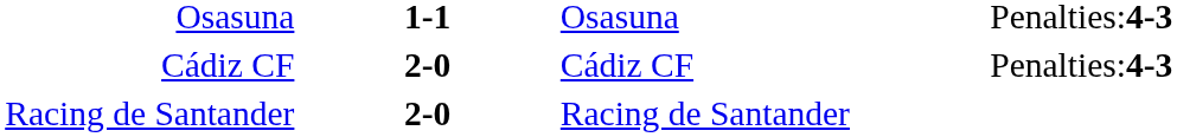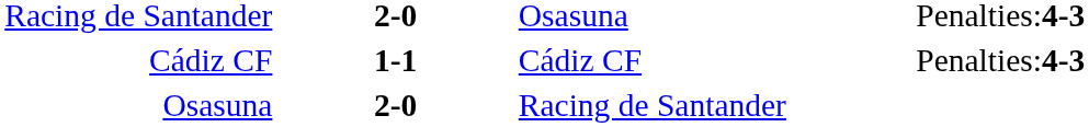 <table width=100% cellspacing=1>
 <tr>
 <th width=20%></th>
 <th width=12%></th>
 <th width=20%></th>
 <th></th>
 </tr>
 <tr style=font-size:90%>
-<td align=right><a href='#'>Osasuna</a></td>
-<td align=center><strong>1-1</strong></td>
+<td align=right><a href='#'>Racing de Santander</a></td>
+<td align=center><strong>2-0</strong></td>
 <td><a href='#'>Osasuna</a></td>
 <td>Penalties:<strong>4-3</strong></td>
 </tr>
 <tr style=font-size:90%>
 <td align=right><a href='#'>Cádiz CF</a></td>
-<td align=center><strong>2-0</strong></td>
+<td align=center><strong>1-1</strong></td>
 <td><a href='#'>Cádiz CF</a></td>
 <td>Penalties:<strong>4-3</strong></td>
 </tr>
 <tr style=font-size:90%>
-<td align=right><a href='#'>Racing de Santander</a></td>
+<td align=right><a href='#'>Osasuna</a></td>
 <td align=center><strong>2-0</strong></td>
 <td><a href='#'>Racing de Santander</a></td>
 </tr>
 </table>
